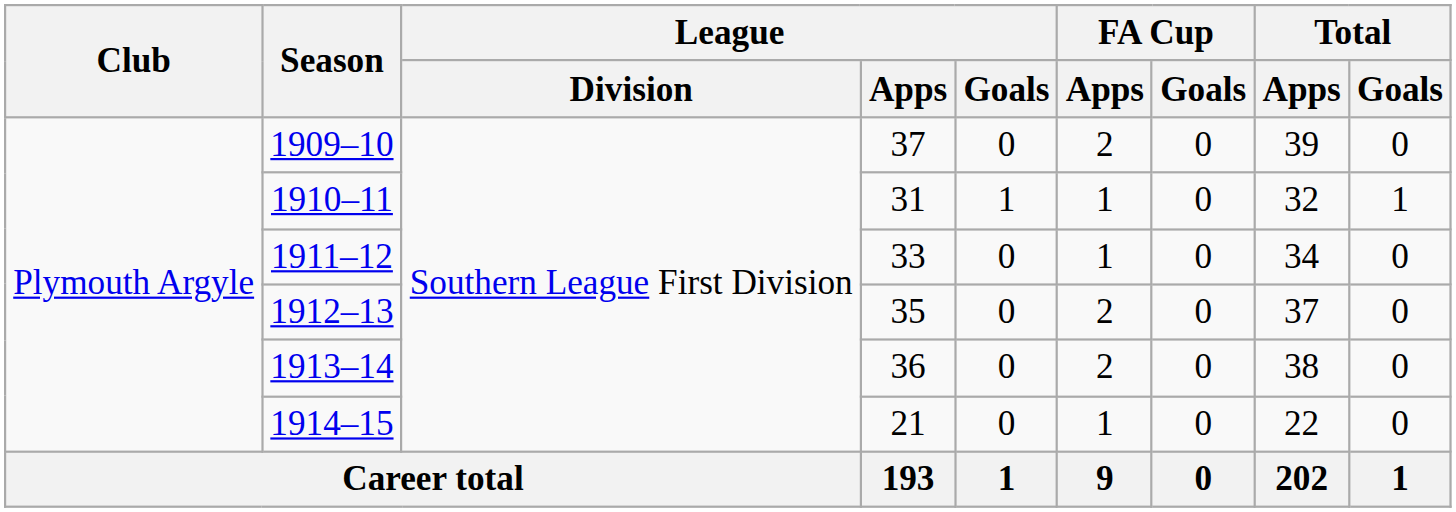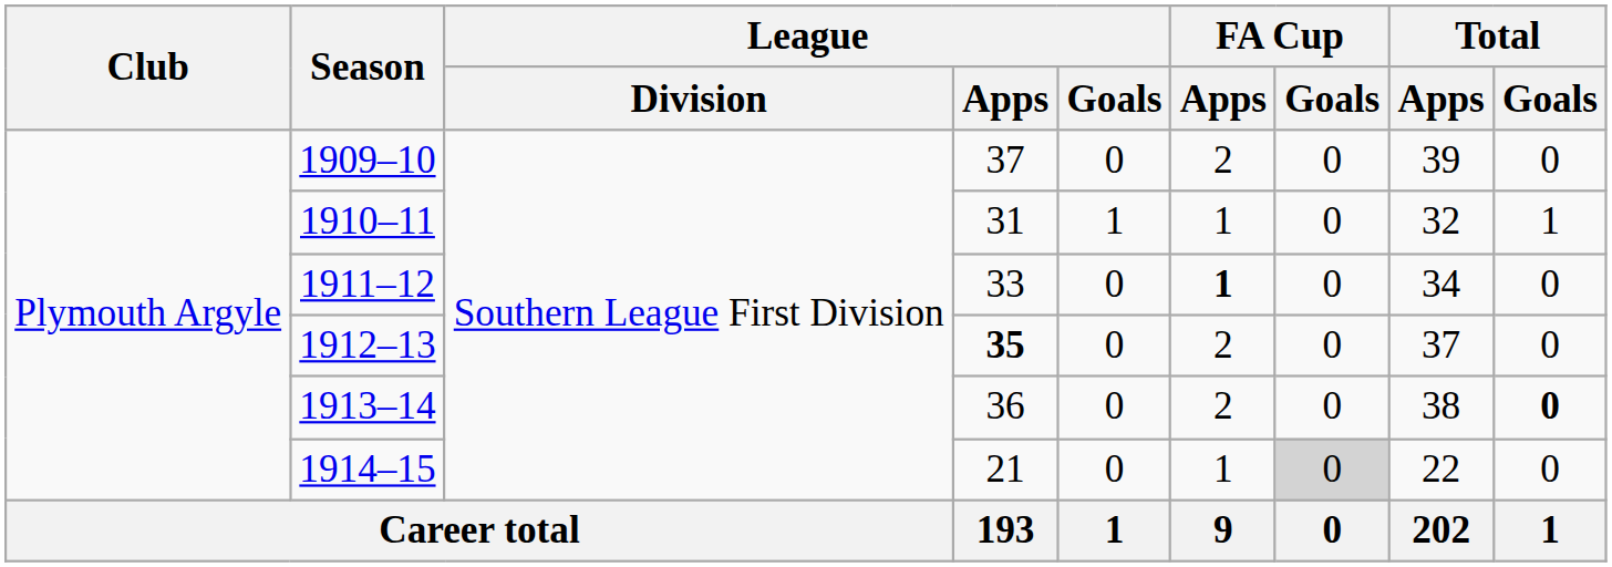 <table class="wikitable" style="text-align: center;">
 <tr>
 <th rowspan="2">Club</th>
 <th rowspan="2">Season</th>
 <th colspan="3">League</th>
 <th colspan="2">FA Cup</th>
 <th colspan="2">Total</th>
 </tr>
 <tr>
 <th>Division</th>
 <th>Apps</th>
 <th>Goals</th>
 <th>Apps</th>
 <th>Goals</th>
 <th>Apps</th>
 <th>Goals</th>
 </tr>
 <tr>
 <td rowspan="6"><a href='#'>Plymouth Argyle</a></td>
 <td><a href='#'>1909–10</a></td>
 <td rowspan="6"><a href='#'>Southern League</a> First Division</td>
 <td>37</td>
 <td>0</td>
 <td>2</td>
 <td>0</td>
 <td>39</td>
 <td>0</td>
 </tr>
 <tr>
 <td><a href='#'>1910–11</a></td>
 <td>31</td>
 <td>1</td>
 <td>1</td>
 <td>0</td>
 <td>32</td>
 <td>1</td>
 </tr>
 <tr>
 <td><a href='#'>1911–12</a></td>
 <td>33</td>
 <td>0</td>
-<td>1</td>
+<td><strong>1</strong></td>
 <td>0</td>
 <td>34</td>
 <td>0</td>
 </tr>
 <tr>
 <td><a href='#'>1912–13</a></td>
-<td>35</td>
+<td><strong>35</strong></td>
 <td>0</td>
 <td>2</td>
 <td>0</td>
 <td>37</td>
 <td>0</td>
 </tr>
 <tr>
 <td><a href='#'>1913–14</a></td>
 <td>36</td>
 <td>0</td>
 <td>2</td>
 <td>0</td>
 <td>38</td>
-<td>0</td>
+<td><strong>0</strong></td>
 </tr>
 <tr>
 <td><a href='#'>1914–15</a></td>
 <td>21</td>
 <td>0</td>
 <td>1</td>
-<td>0</td>
+<td style="background: lightgrey;">0</td>
 <td>22</td>
 <td>0</td>
 </tr>
 <tr>
 <th colspan="3">Career total</th>
 <th>193</th>
 <th>1</th>
 <th>9</th>
 <th>0</th>
 <th>202</th>
 <th>1</th>
 </tr>
 </table>
